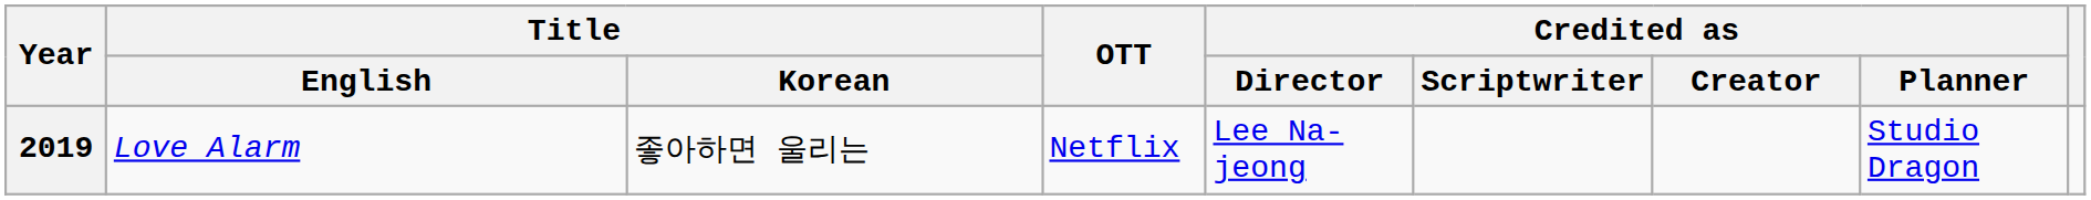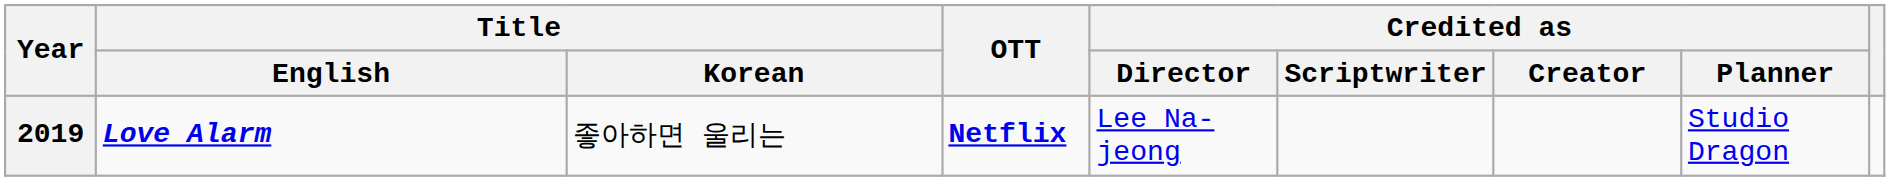 <table class="wikitable plainrowheaders">
 <tr>
 <th rowspan="2">Year</th>
 <th colspan="2">Title</th>
 <th rowspan="2">OTT</th>
 <th colspan="4">Credited as</th>
 <th rowspan="2" class="unsortable"></th>
 </tr>
 <tr>
 <th width="25%">English</th>
 <th width="20%">Korean</th>
 <th width="10%">Director</th>
 <th width="10%">Scriptwriter</th>
 <th width="10%">Creator</th>
 <th width="10%">Planner</th>
 </tr>
 <tr>
 <th scope="row">2019</th>
-<td><em><a href='#'>Love Alarm</a></em></td>
+<td><strong><em><a href='#'>Love Alarm</a></em></strong></td>
 <td>좋아하면 울리는</td>
-<td><a href='#'>Netflix</a></td>
+<td><strong><a href='#'>Netflix</a></strong></td>
 <td><a href='#'>Lee Na-jeong</a></td>
 <td></td>
 <td></td>
 <td><a href='#'>Studio Dragon</a></td>
 <td></td>
 </tr>
 </table>
